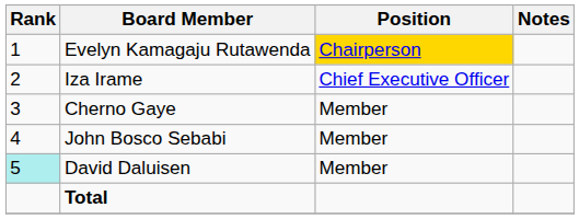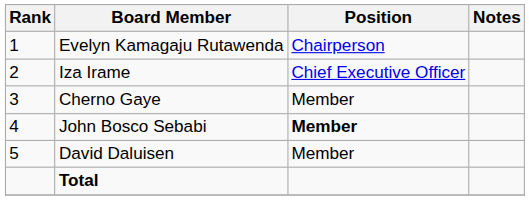 <table class="wikitable sortable" style="margin: 0.5em auto">
 <tr>
 <th>Rank</th>
 <th>Board Member</th>
 <th>Position</th>
 <th>Notes</th>
 </tr>
 <tr>
 <td>1</td>
 <td>Evelyn Kamagaju Rutawenda</td>
-<td style="background: gold;"><a href='#'>Chairperson</a></td>
+<td><a href='#'>Chairperson</a></td>
 <td></td>
 </tr>
 <tr>
 <td>2</td>
 <td>Iza Irame</td>
 <td><a href='#'>Chief Executive Officer</a></td>
 <td></td>
 </tr>
 <tr>
 <td>3</td>
 <td>Cherno Gaye</td>
 <td>Member</td>
 <td></td>
 </tr>
 <tr>
 <td>4</td>
 <td>John Bosco Sebabi</td>
-<td>Member</td>
+<td><strong>Member</strong></td>
 <td></td>
 </tr>
 <tr>
-<td style="background: paleturquoise;">5</td>
+<td>5</td>
 <td>David Daluisen</td>
 <td>Member</td>
 <td></td>
 </tr>
 <tr>
 <td></td>
 <td><strong>Total</strong></td>
 <td></td>
 <td></td>
 </tr>
 <tr>
 </tr>
 </table>
